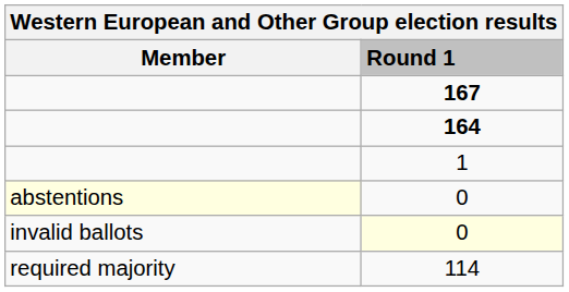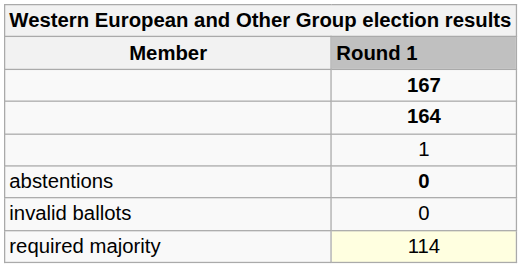 <table class="wikitable collapsible">
 <tr>
 <th colspan="5">Western European and Other Group election results</th>
 </tr>
 <tr>
 <th>Member</th>
 <td style="background:silver;"><strong>Round 1</strong></td>
 </tr>
 <tr>
 <td></td>
 <td style="text-align:center;"><strong>167</strong></td>
 </tr>
 <tr>
 <td></td>
 <td style="text-align:center;"><strong>164</strong></td>
 </tr>
 <tr>
 <td></td>
 <td style="text-align:center;">1</td>
 </tr>
 <tr>
-<td style="background: lightyellow;">abstentions</td>
+<td>abstentions</td>
+<td style="text-align:center;"><strong>0</strong></td>
+</tr>
+<tr>
+<td>invalid ballots</td>
 <td style="text-align:center;">0</td>
 </tr>
 <tr>
-<td>invalid ballots</td>
-<td style="background: lightyellow; text-align:center;">0</td>
-</tr>
-<tr>
 <td>required majority</td>
-<td style="text-align:center;">114</td>
+<td style="background: lightyellow; text-align:center;">114</td>
 </tr>
 </table>
